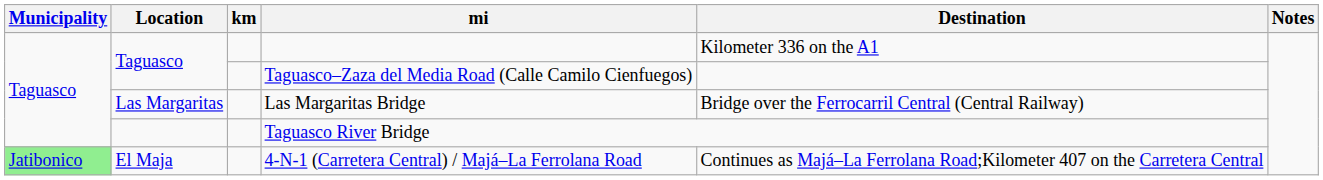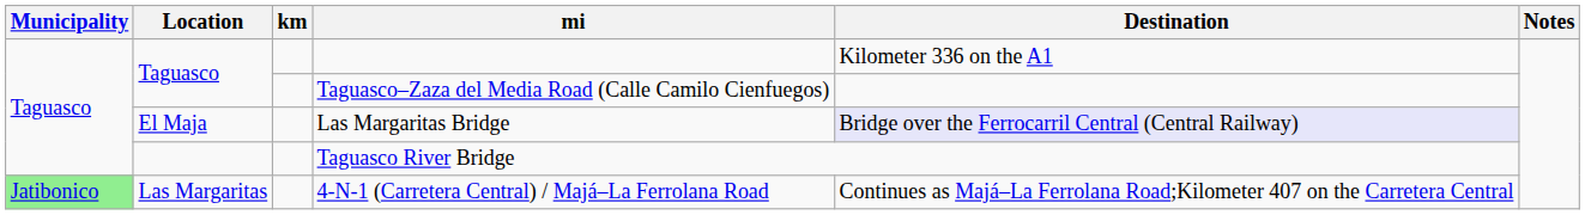 <table class="wikitable">
 <tr>
 <th><a href='#'>Municipality</a></th>
 <th>Location</th>
 <th>km</th>
 <th>mi</th>
 <th>Destination</th>
 <th>Notes</th>
 </tr>
 <tr>
 <td rowspan="4"><a href='#'>Taguasco</a></td>
 <td rowspan="2"><a href='#'>Taguasco</a></td>
 <td></td>
 <td></td>
 <td>Kilometer 336 on the <a href='#'>A1</a></td>
 </tr>
 <tr>
 <td></td>
 <td><a href='#'>Taguasco–Zaza del Media Road</a> (Calle Camilo Cienfuegos)</td>
 <td></td>
 </tr>
 <tr>
-<td><a href='#'>Las Margaritas</a></td>
+<td><a href='#'>El Maja</a></td>
 <td></td>
 <td>Las Margaritas Bridge</td>
-<td>Bridge over the <a href='#'>Ferrocarril Central</a> (Central Railway)</td>
+<td style="background: lavender;">Bridge over the <a href='#'>Ferrocarril Central</a> (Central Railway)</td>
 </tr>
 <tr>
 <td></td>
 <td></td>
 <td colspan="2"><a href='#'>Taguasco River</a> Bridge</td>
 </tr>
 <tr>
 <td style="background: lightgreen;"><a href='#'>Jatibonico</a></td>
-<td><a href='#'>El Maja</a></td>
+<td><a href='#'>Las Margaritas</a></td>
 <td></td>
 <td> <a href='#'>4-N-1</a> (<a href='#'>Carretera Central</a>) / <a href='#'>Majá–La Ferrolana Road</a></td>
 <td>Continues as <a href='#'>Majá–La Ferrolana Road</a>;Kilometer 407 on the <a href='#'>Carretera Central</a></td>
 </tr>
 </table>
